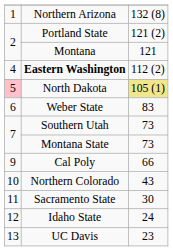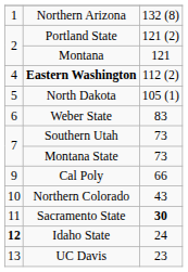 <table class="wikitable" style="display: inline-table;">
 <tr align="center">
 </tr>
 <tr align="center">
 <td>1</td>
 <td>Northern Arizona</td>
 <td>132 (8)</td>
 </tr>
 <tr align="center">
 <td rowspan="2">2</td>
 <td>Portland State</td>
 <td>121 (2)</td>
 </tr>
 <tr align="center">
 <td>Montana</td>
 <td>121</td>
 </tr>
 <tr align="center">
 <td>4</td>
 <td><strong>Eastern Washington</strong></td>
 <td>112 (2)</td>
 </tr>
 <tr align="center">
-<td style="background: pink;">5</td>
+<td>5</td>
 <td>North Dakota</td>
-<td style="background: khaki;">105 (1)</td>
+<td>105 (1)</td>
 </tr>
 <tr align="center">
 <td>6</td>
 <td>Weber State</td>
 <td>83</td>
 </tr>
 <tr align="center">
 <td rowspan="2">7</td>
 <td>Southern Utah</td>
 <td>73</td>
 </tr>
 <tr align="center">
 <td>Montana State</td>
 <td>73</td>
 </tr>
 <tr align="center">
 <td>9</td>
 <td>Cal Poly</td>
 <td>66</td>
 </tr>
 <tr align="center">
 <td>10</td>
 <td>Northern Colorado</td>
 <td>43</td>
 </tr>
 <tr align="center">
 <td>11</td>
 <td>Sacramento State</td>
-<td>30</td>
+<td><strong>30</strong></td>
 </tr>
 <tr align="center">
-<td>12</td>
+<td><strong>12</strong></td>
 <td>Idaho State</td>
 <td>24</td>
 </tr>
 <tr align="center">
 <td>13</td>
 <td>UC Davis</td>
 <td>23</td>
 </tr>
 </table>
